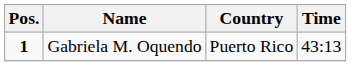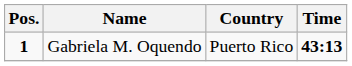 <table class="wikitable sortable">
 <tr>
 <th>Pos.</th>
 <th>Name</th>
 <th>Country</th>
 <th>Time</th>
 </tr>
 <tr>
 <td align="center"><strong>1</strong></td>
 <td>Gabriela M. Oquendo</td>
 <td>Puerto Rico</td>
-<td align="right">43:13</td>
+<td align="right"><strong>43:13</strong></td>
 </tr>
 <tr>
 </tr>
 </table>
